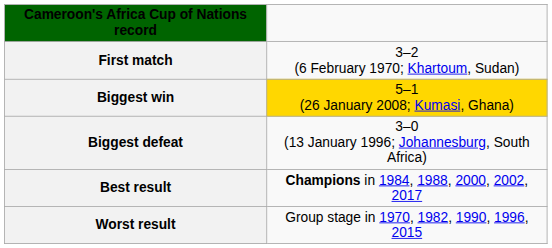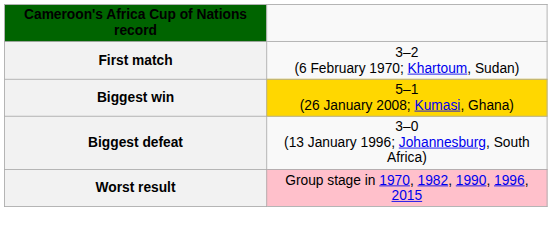 <table class="wikitable collapsible collapsed" style="width:50%;text-align:center">
 <tr>
 <th style="background:#006400;"><strong>Cameroon's Africa Cup of Nations record</strong></th>
 </tr>
 <tr>
 <th>First match</th>
 <td> 3–2 <br>(6 February 1970; <a href='#'>Khartoum</a>, Sudan)</td>
 </tr>
 <tr>
 <th>Biggest win</th>
 <td style="background: gold;"> 5–1 <br>(26 January 2008; <a href='#'>Kumasi</a>, Ghana)</td>
 </tr>
 <tr>
 <th>Biggest defeat</th>
 <td> 3–0 <br>(13 January 1996; <a href='#'>Johannesburg</a>, South Africa)</td>
 </tr>
 <tr>
-<th>Best result</th>
-<td><strong>Champions</strong> in <a href='#'>1984</a>, <a href='#'>1988</a>, <a href='#'>2000</a>, <a href='#'>2002</a>, <a href='#'>2017</a></td>
-</tr>
-<tr>
 <th>Worst result</th>
-<td>Group stage in <a href='#'>1970</a>, <a href='#'>1982</a>, <a href='#'>1990</a>, <a href='#'>1996</a>, <a href='#'>2015</a></td>
+<td style="background: pink;">Group stage in <a href='#'>1970</a>, <a href='#'>1982</a>, <a href='#'>1990</a>, <a href='#'>1996</a>, <a href='#'>2015</a></td>
 </tr>
 </table>
